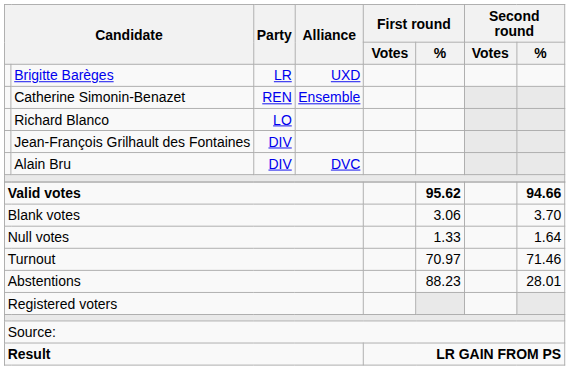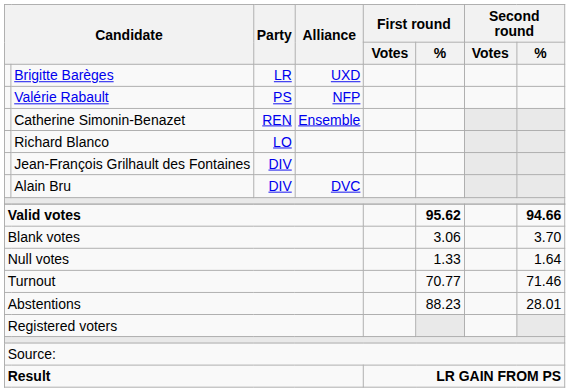 <table class="wikitable" style="text-align:right;font-size:95%;">
 <tr>
 <th colspan="2" rowspan="2">Candidate</th>
 <th colspan="1" rowspan="2">Party</th>
 <th colspan="1" rowspan="2">Alliance</th>
 <th colspan="2">First round</th>
 <th colspan="2">Second round</th>
 </tr>
 <tr>
 <th style="width:50px;">Votes</th>
 <th style="width:45px;">%</th>
 <th style="width:50px;">Votes</th>
 <th style="width:45px;">%</th>
 </tr>
 <tr>
 <td style="color:inherit;background:"></td>
 <td style="text-align:left;"><a href='#'>Brigitte Barèges</a></td>
 <td><a href='#'>LR</a></td>
 <td><a href='#'>UXD</a></td>
 <td></td>
 <td></td>
 <td><strong></strong></td>
 <td><strong></strong></td>
+</tr>
+<tr>
+<td style="color:inherit;background:"></td>
+<td style="text-align:left;"><a href='#'>Valérie Rabault</a></td>
+<td><a href='#'>PS</a></td>
+<td><a href='#'>NFP</a></td>
+<td></td>
+<td></td>
+<td></td>
+<td></td>
 </tr>
 <tr>
 <td style="color:inherit;background:"></td>
 <td style="text-align:left;">Catherine Simonin-Benazet</td>
 <td><a href='#'>REN</a></td>
 <td><a href='#'>Ensemble</a></td>
 <td></td>
 <td></td>
 <td style="background:#E9E9E9;"></td>
 <td style="background:#E9E9E9;"></td>
 </tr>
 <tr>
 <td style="color:inherit;background:"></td>
 <td style="text-align:left;">Richard Blanco</td>
 <td><a href='#'>LO</a></td>
 <td></td>
 <td></td>
 <td></td>
 <td style="background:#E9E9E9;"></td>
 <td style="background:#E9E9E9;"></td>
 </tr>
 <tr>
 <td style="color:inherit;background:"></td>
 <td style="text-align:left;">Jean-François Grilhault des Fontaines</td>
 <td><a href='#'>DIV</a></td>
 <td></td>
 <td></td>
 <td></td>
 <td style="background:#E9E9E9;"></td>
 <td style="background:#E9E9E9;"></td>
 </tr>
 <tr>
 <td style="color:inherit;background:"></td>
 <td style="text-align:left;">Alain Bru</td>
 <td><a href='#'>DIV</a></td>
 <td><a href='#'>DVC</a></td>
 <td></td>
 <td></td>
 <td style="background:#E9E9E9;"></td>
 <td style="background:#E9E9E9;"></td>
 </tr>
 <tr>
 <td colspan="8" style="background:#E9E9E9;"></td>
 </tr>
 <tr>
 </tr>
 <tr style="font-weight:bold;">
 <td colspan="4" style="text-align:left;">Valid votes</td>
 <td></td>
 <td>95.62</td>
 <td></td>
 <td>94.66</td>
 </tr>
 <tr>
 <td colspan="4" style="text-align:left;">Blank votes</td>
 <td></td>
 <td>3.06</td>
 <td></td>
 <td>3.70</td>
 </tr>
 <tr>
 <td colspan="4" style="text-align:left;">Null votes</td>
 <td></td>
 <td>1.33</td>
 <td></td>
 <td>1.64</td>
 </tr>
 <tr>
 <td colspan="4" style="text-align:left;">Turnout</td>
 <td></td>
-<td>70.97</td>
+<td>70.77</td>
 <td></td>
 <td>71.46</td>
 </tr>
 <tr>
 <td colspan="4" style="text-align:left;">Abstentions</td>
 <td></td>
 <td>88.23</td>
 <td></td>
 <td>28.01</td>
 </tr>
 <tr>
 <td colspan="4" style="text-align:left;">Registered voters</td>
 <td></td>
 <td style="background:#E9E9E9;"></td>
 <td></td>
 <td style="background:#E9E9E9;"></td>
 </tr>
 <tr>
 <td colspan="8" style="background:#E9E9E9;"></td>
 </tr>
 <tr>
 <td colspan="8" style="text-align:left;">Source: </td>
 </tr>
 <tr style="font-weight:bold">
 <td colspan="4" style="text-align:left;">Result</td>
 <td colspan="4" style="background-color:">LR GAIN FROM PS</td>
 </tr>
 </table>
